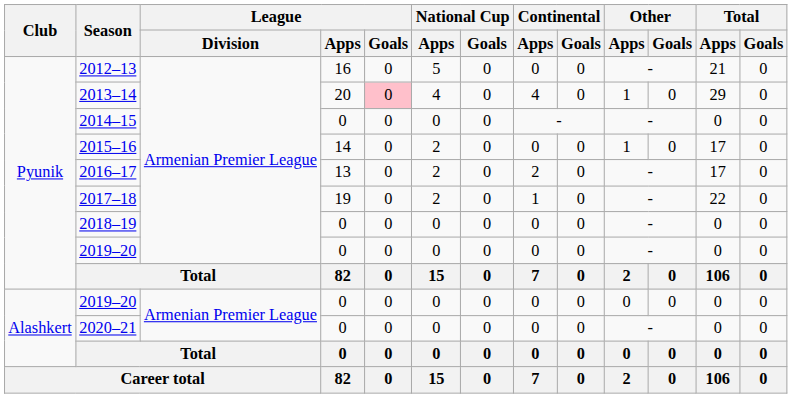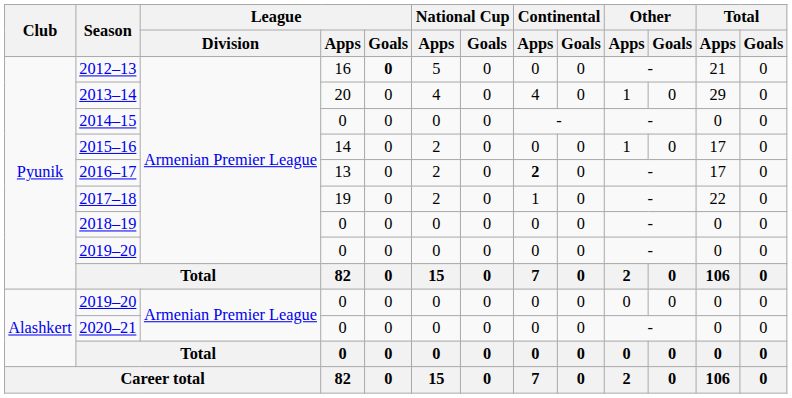 <table class="wikitable" style="text-align: center">
 <tr>
 <th rowspan="2">Club</th>
 <th rowspan="2">Season</th>
 <th colspan="3">League</th>
 <th colspan="2">National Cup</th>
 <th colspan="2">Continental</th>
 <th colspan="2">Other</th>
 <th colspan="2">Total</th>
 </tr>
 <tr>
 <th>Division</th>
 <th>Apps</th>
 <th>Goals</th>
 <th>Apps</th>
 <th>Goals</th>
 <th>Apps</th>
 <th>Goals</th>
 <th>Apps</th>
 <th>Goals</th>
 <th>Apps</th>
 <th>Goals</th>
 </tr>
 <tr>
 <td rowspan="9"><a href='#'>Pyunik</a></td>
 <td><a href='#'>2012–13</a></td>
 <td rowspan="8"><a href='#'>Armenian Premier League</a></td>
 <td>16</td>
-<td>0</td>
+<td><strong>0</strong></td>
 <td>5</td>
 <td>0</td>
 <td>0</td>
 <td>0</td>
 <td colspan="2">-</td>
 <td>21</td>
 <td>0</td>
 </tr>
 <tr>
 <td><a href='#'>2013–14</a></td>
 <td>20</td>
-<td style="background: pink;">0</td>
+<td>0</td>
 <td>4</td>
 <td>0</td>
 <td>4</td>
 <td>0</td>
 <td>1</td>
 <td>0</td>
 <td>29</td>
 <td>0</td>
 </tr>
 <tr>
 <td><a href='#'>2014–15</a></td>
 <td>0</td>
 <td>0</td>
 <td>0</td>
 <td>0</td>
 <td colspan="2">-</td>
 <td colspan="2">-</td>
 <td>0</td>
 <td>0</td>
 </tr>
 <tr>
 <td><a href='#'>2015–16</a></td>
 <td>14</td>
 <td>0</td>
 <td>2</td>
 <td>0</td>
 <td>0</td>
 <td>0</td>
 <td>1</td>
 <td>0</td>
 <td>17</td>
 <td>0</td>
 </tr>
 <tr>
 <td><a href='#'>2016–17</a></td>
 <td>13</td>
 <td>0</td>
 <td>2</td>
 <td>0</td>
-<td>2</td>
+<td><strong>2</strong></td>
 <td>0</td>
 <td colspan="2">-</td>
 <td>17</td>
 <td>0</td>
 </tr>
 <tr>
 <td><a href='#'>2017–18</a></td>
 <td>19</td>
 <td>0</td>
 <td>2</td>
 <td>0</td>
 <td>1</td>
 <td>0</td>
 <td colspan="2">-</td>
 <td>22</td>
 <td>0</td>
 </tr>
 <tr>
 <td><a href='#'>2018–19</a></td>
 <td>0</td>
 <td>0</td>
 <td>0</td>
 <td>0</td>
 <td>0</td>
 <td>0</td>
 <td colspan="2">-</td>
 <td>0</td>
 <td>0</td>
 </tr>
 <tr>
 <td><a href='#'>2019–20</a></td>
 <td>0</td>
 <td>0</td>
 <td>0</td>
 <td>0</td>
 <td>0</td>
 <td>0</td>
 <td colspan="2">-</td>
 <td>0</td>
 <td>0</td>
 </tr>
 <tr>
 <th colspan="2">Total</th>
 <th>82</th>
 <th>0</th>
 <th>15</th>
 <th>0</th>
 <th>7</th>
 <th>0</th>
 <th>2</th>
 <th>0</th>
 <th>106</th>
 <th>0</th>
 </tr>
 <tr>
 <td rowspan="3"><a href='#'>Alashkert</a></td>
 <td><a href='#'>2019–20</a></td>
 <td rowspan="2"><a href='#'>Armenian Premier League</a></td>
 <td>0</td>
 <td>0</td>
 <td>0</td>
 <td>0</td>
 <td>0</td>
 <td>0</td>
 <td>0</td>
 <td>0</td>
 <td>0</td>
 <td>0</td>
 </tr>
 <tr>
 <td><a href='#'>2020–21</a></td>
 <td>0</td>
 <td>0</td>
 <td>0</td>
 <td>0</td>
 <td>0</td>
 <td>0</td>
 <td colspan="2">-</td>
 <td>0</td>
 <td>0</td>
 </tr>
 <tr>
 <th colspan="2">Total</th>
 <th>0</th>
 <th>0</th>
 <th>0</th>
 <th>0</th>
 <th>0</th>
 <th>0</th>
 <th>0</th>
 <th>0</th>
 <th>0</th>
 <th>0</th>
 </tr>
 <tr>
 <th colspan="3">Career total</th>
 <th>82</th>
 <th>0</th>
 <th>15</th>
 <th>0</th>
 <th>7</th>
 <th>0</th>
 <th>2</th>
 <th>0</th>
 <th>106</th>
 <th>0</th>
 </tr>
 </table>
